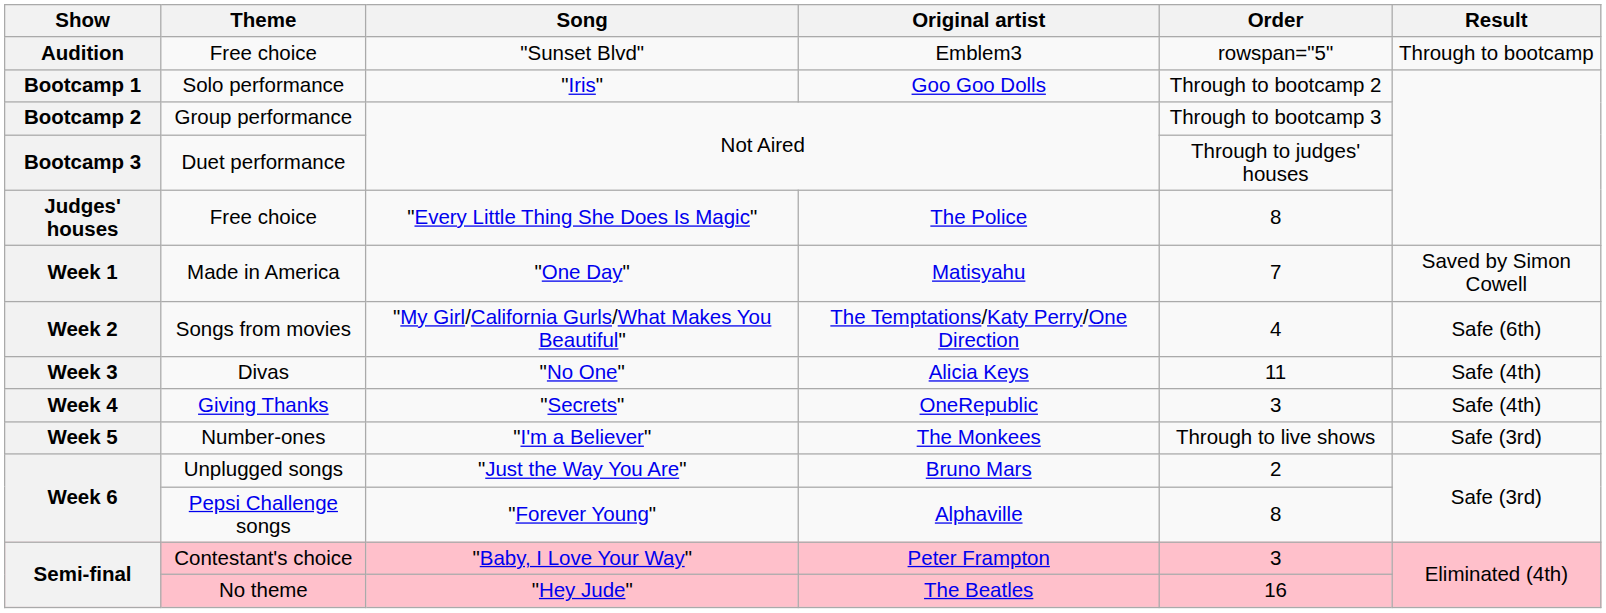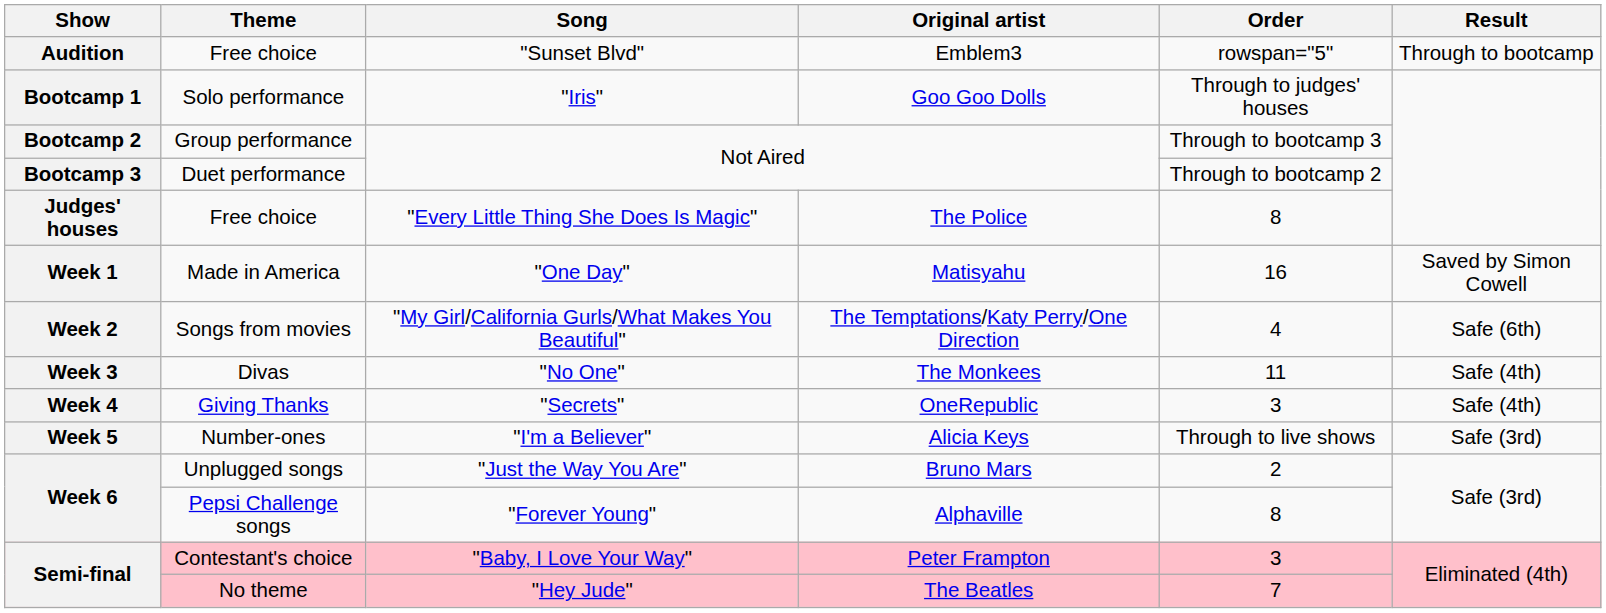 <table class="wikitable" style="text-align:center;">
 <tr>
 <th scope="col">Show</th>
 <th scope="col">Theme</th>
 <th scope="col">Song</th>
 <th scope="col">Original artist</th>
 <th scope="col">Order</th>
 <th scope="col">Result</th>
 </tr>
 <tr>
 <th scope="row">Audition</th>
 <td>Free choice</td>
 <td>"Sunset Blvd"</td>
 <td>Emblem3</td>
 <td>rowspan="5" </td>
 <td>Through to bootcamp</td>
 </tr>
 <tr>
 <th scope="row">Bootcamp 1</th>
 <td>Solo performance</td>
 <td>"<a href='#'>Iris</a>"</td>
 <td><a href='#'>Goo Goo Dolls</a></td>
-<td>Through to bootcamp 2</td>
+<td>Through to judges' houses</td>
 </tr>
 <tr>
 <th scope="row">Bootcamp 2</th>
 <td>Group performance</td>
 <td colspan=2 rowspan=2>Not Aired</td>
 <td>Through to bootcamp 3</td>
 </tr>
 <tr>
 <th scope="row">Bootcamp 3</th>
 <td>Duet performance</td>
-<td>Through to judges' houses</td>
+<td>Through to bootcamp 2</td>
 </tr>
 <tr>
 <th scope="row">Judges' houses</th>
 <td>Free choice</td>
 <td>"<a href='#'>Every Little Thing She Does Is Magic</a>"</td>
 <td><a href='#'>The Police</a></td>
 <td>8</td>
 </tr>
 <tr>
 <th scope="row">Week 1</th>
 <td>Made in America</td>
 <td>"<a href='#'>One Day</a>"</td>
 <td><a href='#'>Matisyahu</a></td>
-<td>7</td>
+<td>16</td>
 <td>Saved by Simon Cowell</td>
 </tr>
 <tr>
 <th scope="row">Week 2</th>
 <td>Songs from movies</td>
 <td>"<a href='#'>My Girl</a>/<a href='#'>California Gurls</a>/<a href='#'>What Makes You Beautiful</a>"</td>
 <td><a href='#'>The Temptations</a>/<a href='#'>Katy Perry</a>/<a href='#'>One Direction</a></td>
 <td>4</td>
 <td>Safe (6th)</td>
 </tr>
 <tr>
 <th scope="row">Week 3</th>
 <td>Divas</td>
 <td>"<a href='#'>No One</a>"</td>
-<td><a href='#'>Alicia Keys</a></td>
+<td><a href='#'>The Monkees</a></td>
 <td>11</td>
 <td>Safe (4th)</td>
 </tr>
 <tr>
 <th scope="row">Week 4</th>
 <td><a href='#'>Giving Thanks</a></td>
 <td>"<a href='#'>Secrets</a>"</td>
 <td><a href='#'>OneRepublic</a></td>
 <td>3</td>
 <td>Safe (4th)</td>
 </tr>
 <tr>
 <th scope="row">Week 5</th>
 <td>Number-ones</td>
 <td>"<a href='#'>I'm a Believer</a>"</td>
-<td><a href='#'>The Monkees</a></td>
+<td><a href='#'>Alicia Keys</a></td>
 <td>Through to live shows</td>
 <td>Safe (3rd)</td>
 </tr>
 <tr>
 <th scope="row" rowspan=2>Week 6</th>
 <td>Unplugged songs</td>
 <td>"<a href='#'>Just the Way You Are</a>"</td>
 <td><a href='#'>Bruno Mars</a></td>
 <td>2</td>
 <td rowspan=2>Safe (3rd)</td>
 </tr>
 <tr>
 <td><a href='#'>Pepsi Challenge</a> songs</td>
 <td>"<a href='#'>Forever Young</a>"</td>
 <td><a href='#'>Alphaville</a></td>
 <td>8</td>
 </tr>
 <tr style="background:pink;">
 <th scope="row" rowspan=2>Semi-final</th>
 <td>Contestant's choice</td>
 <td>"<a href='#'>Baby, I Love Your Way</a>"</td>
 <td><a href='#'>Peter Frampton</a></td>
 <td>3</td>
 <td rowspan=2>Eliminated (4th)</td>
 </tr>
 <tr style="background:pink;">
 <td>No theme</td>
 <td>"<a href='#'>Hey Jude</a>"</td>
 <td><a href='#'>The Beatles</a></td>
-<td>16</td>
+<td>7</td>
 </tr>
 </table>
